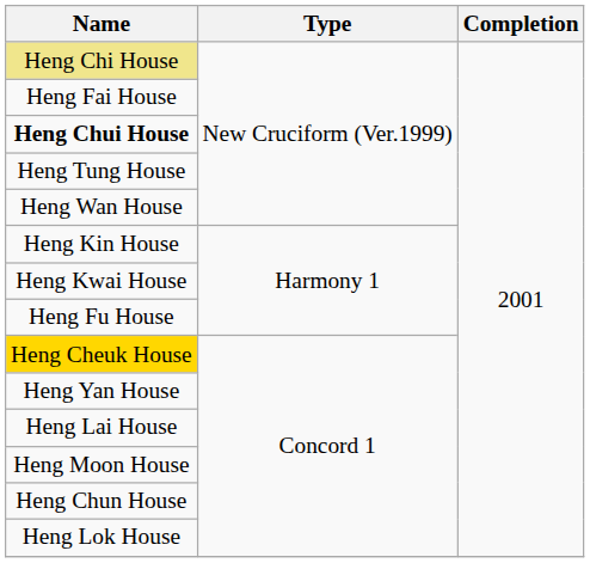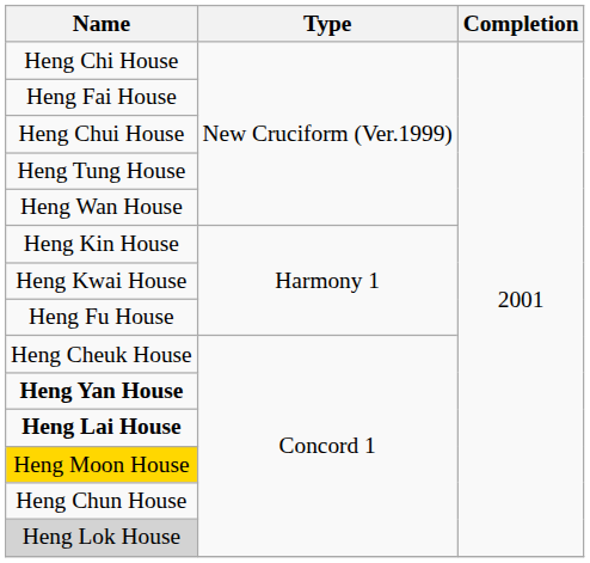 <table class="wikitable" style="text-align: center">
 <tr>
 <th>Name</th>
 <th>Type</th>
 <th>Completion</th>
 </tr>
 <tr>
-<td style="background: khaki;">Heng Chi House</td>
+<td>Heng Chi House</td>
 <td rowspan="5">New Cruciform (Ver.1999)</td>
 <td rowspan="14">2001</td>
 </tr>
 <tr>
 <td>Heng Fai House</td>
 </tr>
 <tr>
-<td><strong>Heng Chui House</strong></td>
+<td>Heng Chui House</td>
 </tr>
 <tr>
 <td>Heng Tung House</td>
 </tr>
 <tr>
 <td>Heng Wan House</td>
 </tr>
 <tr>
 <td>Heng Kin House</td>
 <td rowspan="3">Harmony 1</td>
 </tr>
 <tr>
 <td>Heng Kwai House</td>
 </tr>
 <tr>
 <td>Heng Fu House</td>
 </tr>
 <tr>
-<td style="background: gold;">Heng Cheuk House</td>
+<td>Heng Cheuk House</td>
 <td rowspan="6">Concord 1</td>
 </tr>
 <tr>
-<td>Heng Yan House</td>
+<td><strong>Heng Yan House</strong></td>
 </tr>
 <tr>
-<td>Heng Lai House</td>
+<td><strong>Heng Lai House</strong></td>
 </tr>
 <tr>
-<td>Heng Moon House</td>
+<td style="background: gold;">Heng Moon House</td>
 </tr>
 <tr>
 <td>Heng Chun House</td>
 </tr>
 <tr>
-<td>Heng Lok House</td>
+<td style="background: lightgrey;">Heng Lok House</td>
 </tr>
 <tr>
 </tr>
 </table>
